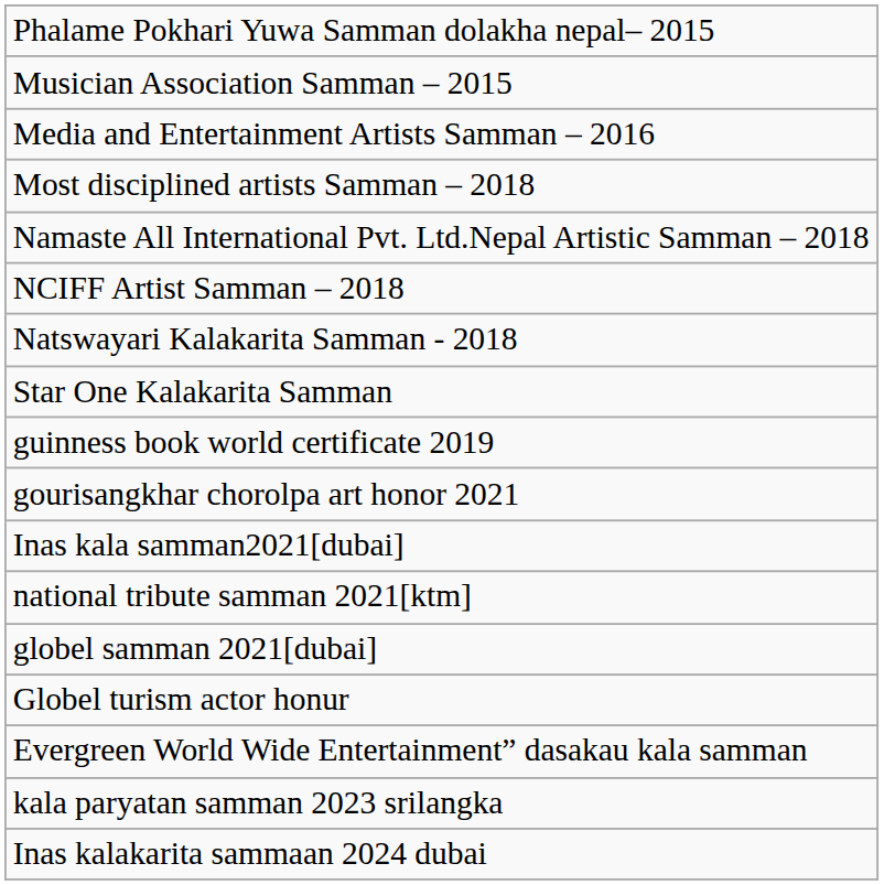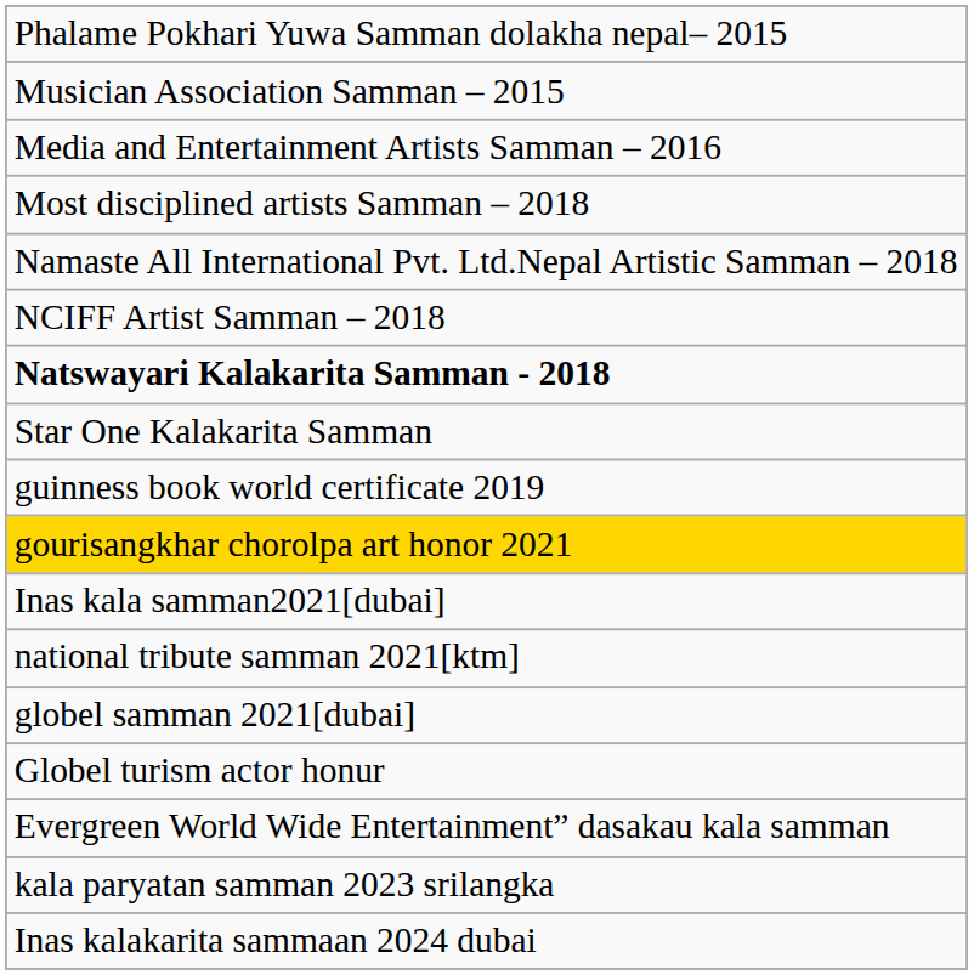 <table class="wikitable">
 <tr>
 <td>Phalame Pokhari Yuwa Samman dolakha nepal– 2015</td>
 </tr>
 <tr>
 <td>Musician Association Samman – 2015</td>
 </tr>
 <tr>
 <td>Media and Entertainment Artists Samman – 2016</td>
 </tr>
 <tr>
 <td>Most disciplined artists Samman – 2018</td>
 </tr>
 <tr>
 <td>Namaste All International Pvt. Ltd.Nepal Artistic Samman – 2018</td>
 </tr>
 <tr>
 <td>NCIFF Artist Samman – 2018</td>
 </tr>
 <tr>
-<td>Natswayari Kalakarita Samman - 2018</td>
+<td><strong>Natswayari Kalakarita Samman - 2018</strong></td>
 </tr>
 <tr>
 <td>Star One Kalakarita Samman</td>
 </tr>
 <tr>
 <td>guinness book world certificate 2019</td>
 </tr>
 <tr>
-<td>gourisangkhar chorolpa art honor 2021</td>
+<td style="background: gold;">gourisangkhar chorolpa art honor 2021</td>
 </tr>
 <tr>
 <td>Inas kala samman2021[dubai]</td>
 </tr>
 <tr>
 <td>national tribute samman 2021[ktm]</td>
 </tr>
 <tr>
 <td>globel samman 2021[dubai]</td>
 </tr>
 <tr>
 <td>Globel turism actor honur</td>
 </tr>
 <tr>
 <td>Evergreen World Wide Entertainment” dasakau kala samman</td>
 </tr>
 <tr>
 <td>kala paryatan samman 2023 srilangka</td>
 </tr>
 <tr>
 <td>Inas kalakarita sammaan 2024 dubai</td>
 </tr>
 </table>
